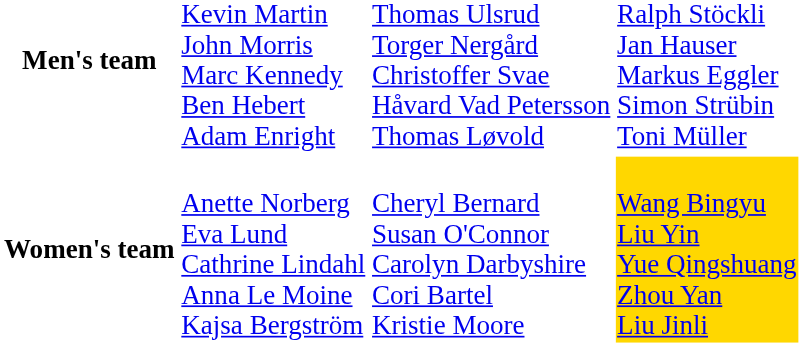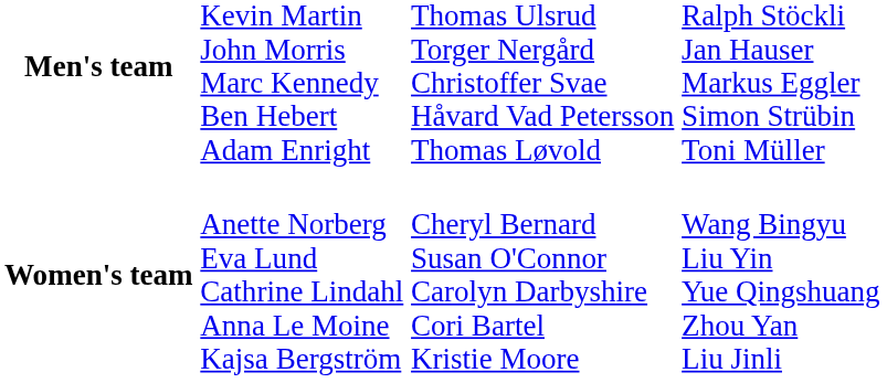 <table>
 <tr>
 <th scope="row">Men's team<br></th>
 <td><br><a href='#'>Kevin Martin</a><br><a href='#'>John Morris</a><br><a href='#'>Marc Kennedy</a><br><a href='#'>Ben Hebert</a><br><a href='#'>Adam Enright</a></td>
 <td><br><a href='#'>Thomas Ulsrud</a><br><a href='#'>Torger Nergård</a><br><a href='#'>Christoffer Svae</a><br><a href='#'>Håvard Vad Petersson</a><br><a href='#'>Thomas Løvold</a></td>
 <td><br><a href='#'>Ralph Stöckli</a><br><a href='#'>Jan Hauser</a><br><a href='#'>Markus Eggler</a><br><a href='#'>Simon Strübin</a><br><a href='#'>Toni Müller</a></td>
 </tr>
 <tr>
 <th scope="row">Women's team<br></th>
 <td><br><a href='#'>Anette Norberg</a><br><a href='#'>Eva Lund</a><br><a href='#'>Cathrine Lindahl</a><br><a href='#'>Anna Le Moine</a><br><a href='#'>Kajsa Bergström</a></td>
 <td><br><a href='#'>Cheryl Bernard</a><br><a href='#'>Susan O'Connor</a><br><a href='#'>Carolyn Darbyshire</a><br><a href='#'>Cori Bartel</a><br><a href='#'>Kristie Moore</a></td>
-<td style="background: gold;"><br><a href='#'>Wang Bingyu</a><br><a href='#'>Liu Yin</a><br><a href='#'>Yue Qingshuang</a><br><a href='#'>Zhou Yan</a><br><a href='#'>Liu Jinli</a></td>
+<td><br><a href='#'>Wang Bingyu</a><br><a href='#'>Liu Yin</a><br><a href='#'>Yue Qingshuang</a><br><a href='#'>Zhou Yan</a><br><a href='#'>Liu Jinli</a></td>
 </tr>
 </table>
